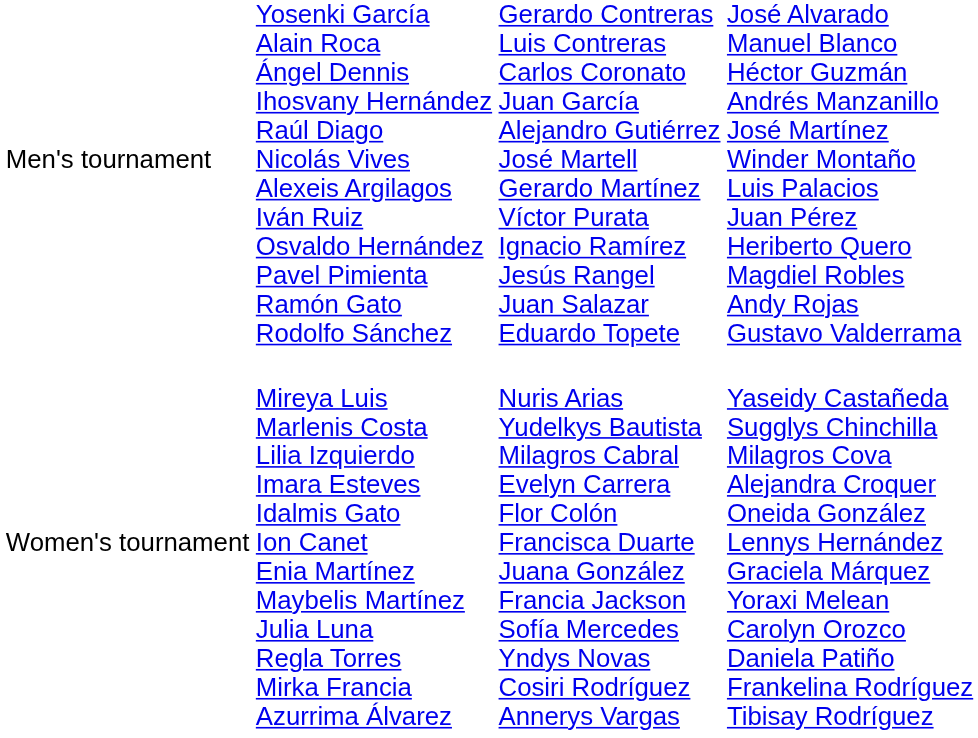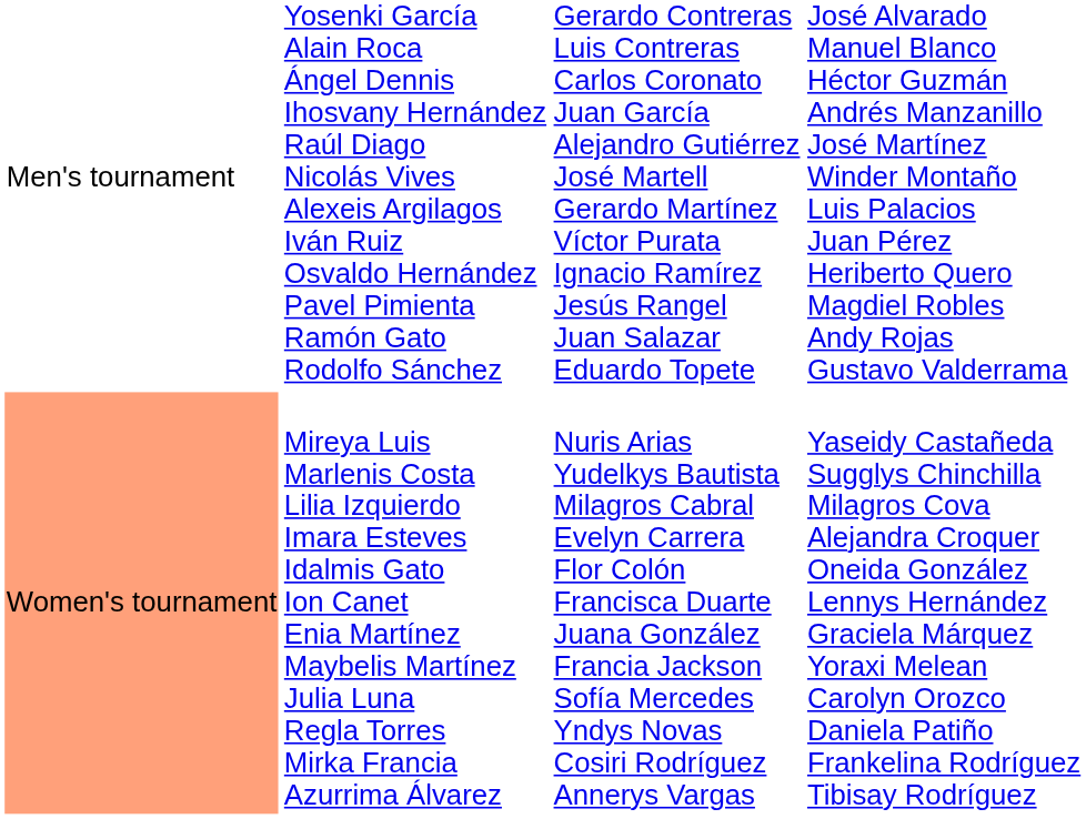 <table>
 <tr>
 <td>Men's tournament</td>
 <td><br><a href='#'>Yosenki García</a><br><a href='#'>Alain Roca</a><br><a href='#'>Ángel Dennis</a><br><a href='#'>Ihosvany Hernández</a><br><a href='#'>Raúl Diago</a><br><a href='#'>Nicolás Vives</a><br><a href='#'>Alexeis Argilagos</a><br><a href='#'>Iván Ruiz</a><br><a href='#'>Osvaldo Hernández</a><br><a href='#'>Pavel Pimienta</a><br><a href='#'>Ramón Gato</a><br><a href='#'>Rodolfo Sánchez</a></td>
 <td><br><a href='#'>Gerardo Contreras</a><br><a href='#'>Luis Contreras</a><br><a href='#'>Carlos Coronato</a><br><a href='#'>Juan García</a><br><a href='#'>Alejandro Gutiérrez</a><br><a href='#'>José Martell</a><br><a href='#'>Gerardo Martínez</a><br><a href='#'>Víctor Purata</a><br><a href='#'>Ignacio Ramírez</a><br><a href='#'>Jesús Rangel</a><br><a href='#'>Juan Salazar</a><br><a href='#'>Eduardo Topete</a></td>
 <td><br><a href='#'>José Alvarado</a><br><a href='#'>Manuel Blanco</a><br><a href='#'>Héctor Guzmán</a><br><a href='#'>Andrés Manzanillo</a><br><a href='#'>José Martínez</a><br><a href='#'>Winder Montaño</a><br><a href='#'>Luis Palacios</a><br><a href='#'>Juan Pérez</a><br><a href='#'>Heriberto Quero</a><br><a href='#'>Magdiel Robles</a><br><a href='#'>Andy Rojas</a><br><a href='#'>Gustavo Valderrama</a></td>
 </tr>
 <tr>
-<td>Women's tournament</td>
+<td style="background: lightsalmon;">Women's tournament</td>
 <td><br><a href='#'>Mireya Luis</a><br><a href='#'>Marlenis Costa</a><br><a href='#'>Lilia Izquierdo</a><br><a href='#'>Imara Esteves</a><br><a href='#'>Idalmis Gato</a><br><a href='#'>Ion Canet</a><br><a href='#'>Enia Martínez</a><br><a href='#'>Maybelis Martínez</a><br><a href='#'>Julia Luna</a><br><a href='#'>Regla Torres</a><br><a href='#'>Mirka Francia</a><br><a href='#'>Azurrima Álvarez</a></td>
 <td><br><a href='#'>Nuris Arias</a><br><a href='#'>Yudelkys Bautista</a><br><a href='#'>Milagros Cabral</a><br><a href='#'>Evelyn Carrera</a><br><a href='#'>Flor Colón</a><br><a href='#'>Francisca Duarte</a><br><a href='#'>Juana González</a><br><a href='#'>Francia Jackson</a><br><a href='#'>Sofía Mercedes</a><br><a href='#'>Yndys Novas</a><br><a href='#'>Cosiri Rodríguez</a><br><a href='#'>Annerys Vargas</a></td>
 <td><br><a href='#'>Yaseidy Castañeda</a><br><a href='#'>Sugglys Chinchilla</a><br><a href='#'>Milagros Cova</a><br><a href='#'>Alejandra Croquer</a><br><a href='#'>Oneida González</a><br><a href='#'>Lennys Hernández</a><br><a href='#'>Graciela Márquez</a><br><a href='#'>Yoraxi Melean</a><br><a href='#'>Carolyn Orozco</a><br><a href='#'>Daniela Patiño</a><br><a href='#'>Frankelina Rodríguez</a><br><a href='#'>Tibisay Rodríguez</a></td>
 </tr>
 </table>
